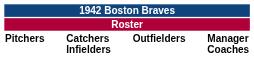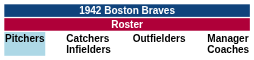 <table class="toccolours" style="font-size: 95%;">
 <tr>
 <th colspan="10" style="background-color: #0f437c; color: white; text-align: center;">1942 Boston Braves</th>
 </tr>
 <tr>
 <td colspan="10" style="background-color: #af0039; color: white; text-align: center;"><strong>Roster</strong></td>
 </tr>
 <tr>
-<td valign="top"><strong>Pitchers</strong><br>              </td>
+<td valign="top" style="background: lightblue;"><strong>Pitchers</strong><br>              </td>
 <td width="25px"></td>
 <td valign="top"><strong>Catchers</strong><br>   <strong>Infielders</strong>          </td>
 <td width="25px"></td>
 <td valign="top"><strong>Outfielders</strong><br>     </td>
 <td width="25px"></td>
 <td valign="top"><strong>Manager</strong><br> <strong>Coaches</strong>  </td>
 </tr>
 </table>
